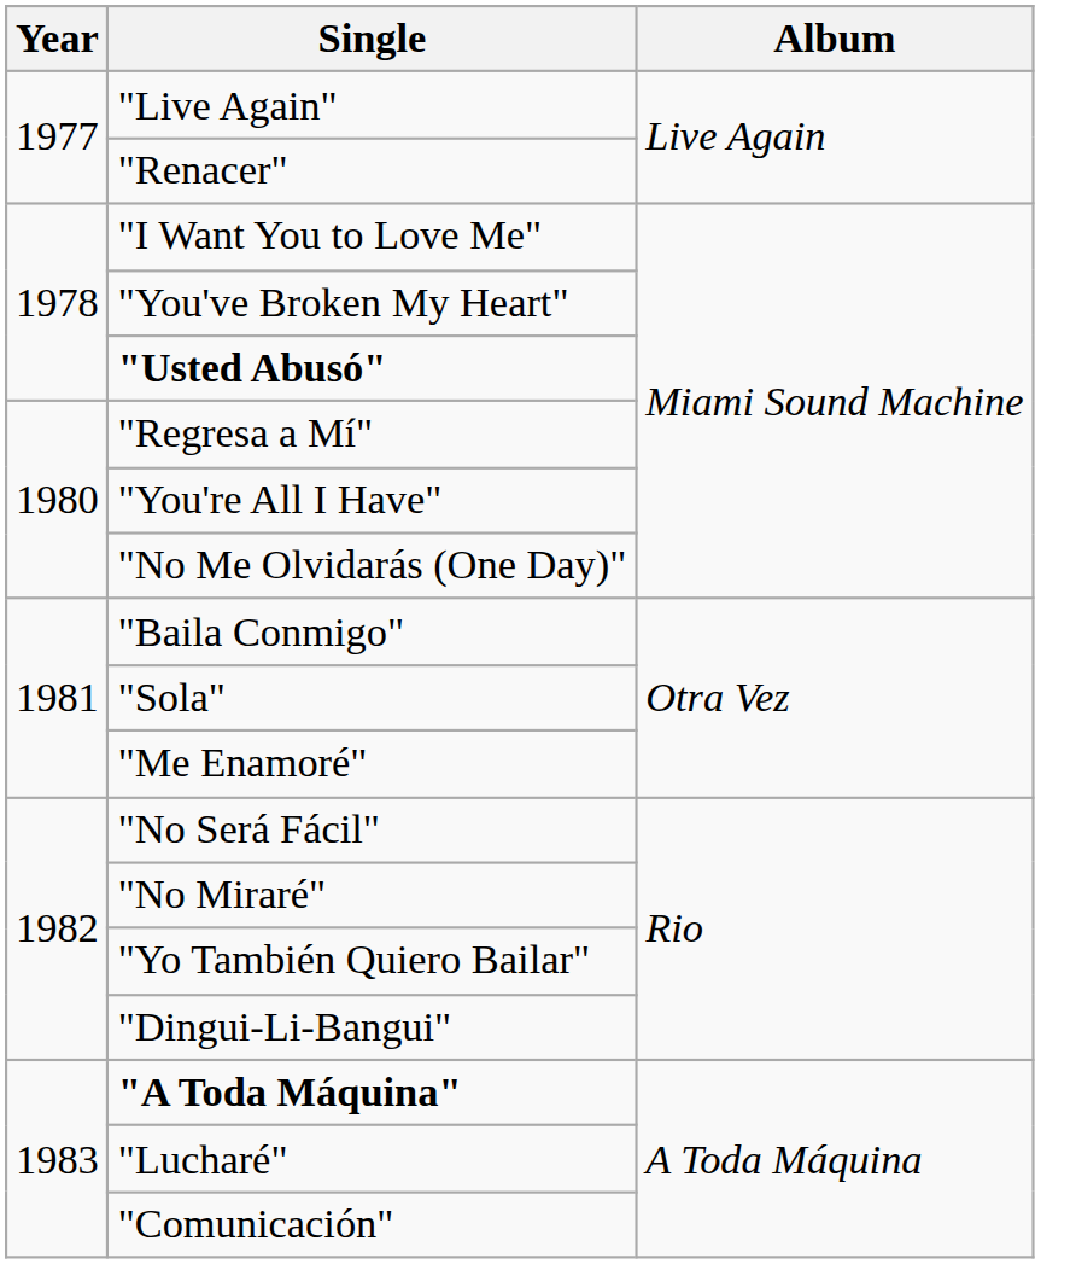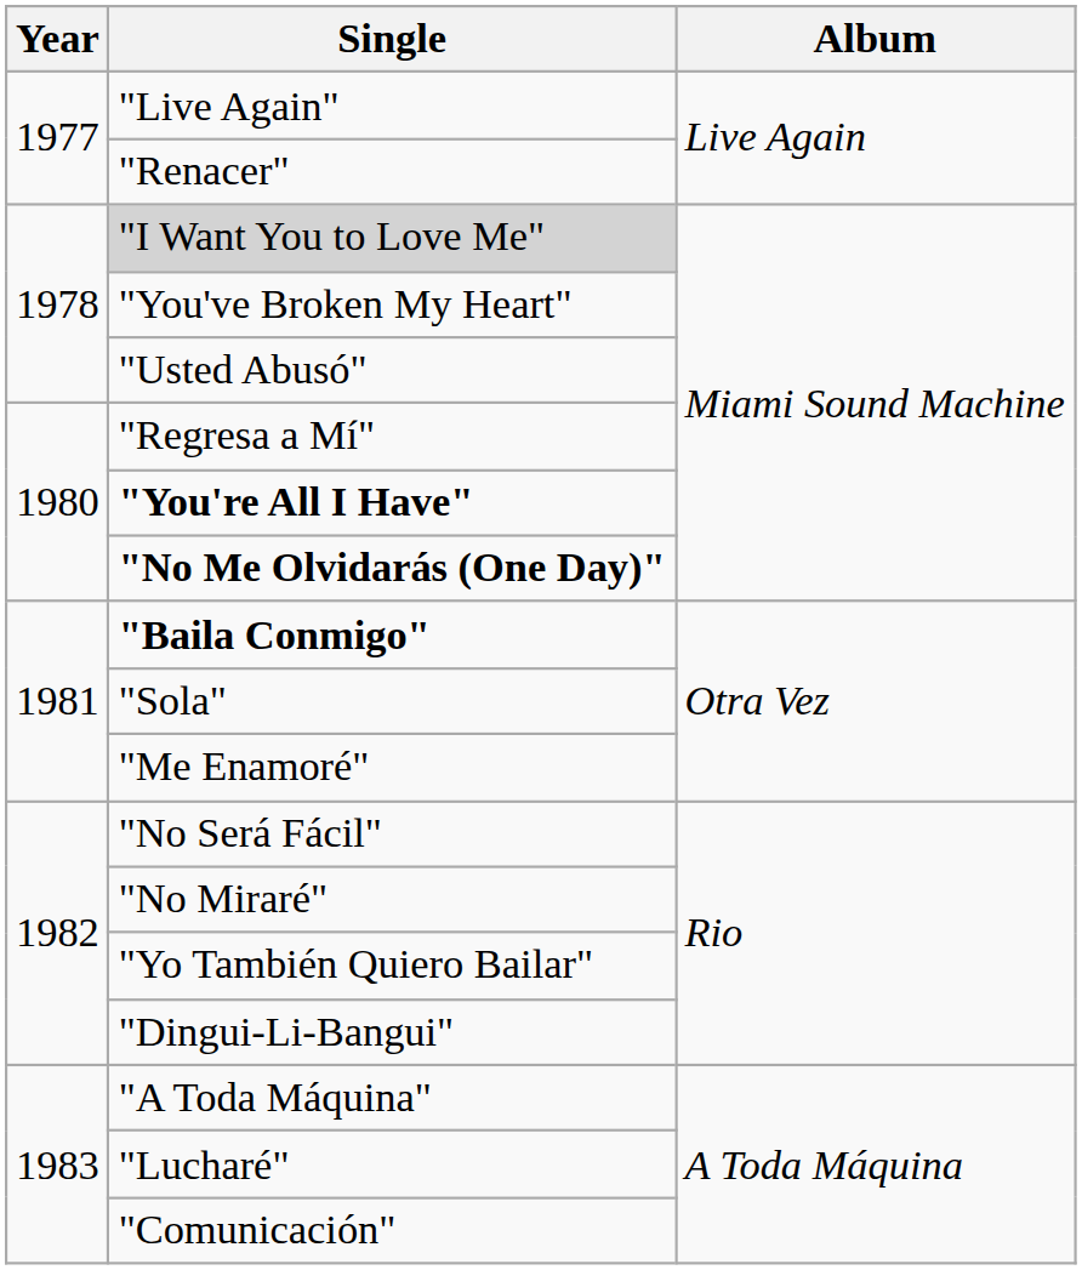 <table class="wikitable">
 <tr>
 <th scope="col">Year</th>
 <th scope="col">Single</th>
 <th scope="col">Album</th>
 </tr>
 <tr>
 <td rowspan="2">1977</td>
 <td>"Live Again"</td>
 <td rowspan="2"><em>Live Again</em></td>
 </tr>
 <tr>
 <td>"Renacer"</td>
 </tr>
 <tr>
 <td rowspan="3">1978</td>
-<td>"I Want You to Love Me"</td>
+<td style="background: lightgrey;">"I Want You to Love Me"</td>
 <td rowspan="6"><em>Miami Sound Machine</em></td>
 </tr>
 <tr>
 <td>"You've Broken My Heart"</td>
 </tr>
 <tr>
-<td><strong>"Usted Abusó"</strong></td>
+<td>"Usted Abusó"</td>
 </tr>
 <tr>
 <td rowspan="3">1980</td>
 <td>"Regresa a Mí"</td>
 </tr>
 <tr>
-<td>"You're All I Have"</td>
+<td><strong>"You're All I Have"</strong></td>
 </tr>
 <tr>
-<td>"No Me Olvidarás (One Day)"</td>
+<td><strong>"No Me Olvidarás (One Day)"</strong></td>
 </tr>
 <tr>
 <td rowspan="3">1981</td>
-<td>"Baila Conmigo"</td>
+<td><strong>"Baila Conmigo"</strong></td>
 <td rowspan="3"><em>Otra Vez</em></td>
 </tr>
 <tr>
 <td>"Sola"</td>
 </tr>
 <tr>
 <td>"Me Enamoré"</td>
 </tr>
 <tr>
 <td rowspan="4">1982</td>
 <td>"No Será Fácil"</td>
 <td rowspan="4"><em>Rio</em></td>
 </tr>
 <tr>
 <td>"No Miraré"</td>
 </tr>
 <tr>
 <td>"Yo También Quiero Bailar"</td>
 </tr>
 <tr>
 <td>"Dingui-Li-Bangui"</td>
 </tr>
 <tr>
 <td rowspan="3">1983</td>
-<td><strong>"A Toda Máquina"</strong></td>
+<td>"A Toda Máquina"</td>
 <td rowspan="3"><em>A Toda Máquina</em></td>
 </tr>
 <tr>
 <td>"Lucharé"</td>
 </tr>
 <tr>
 <td>"Comunicación"</td>
 </tr>
 </table>
